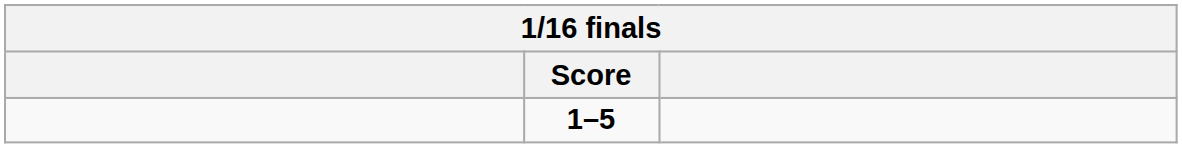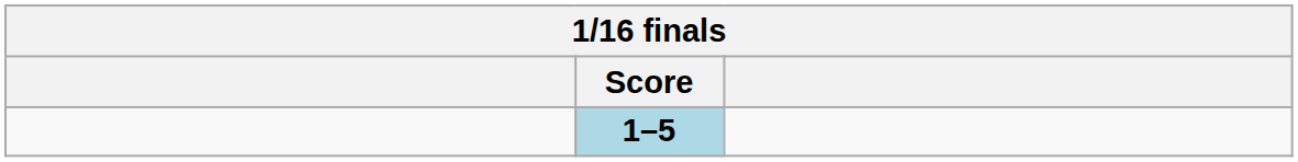 <table class="wikitable" style="text-align: center; font-size:90% ">
 <tr>
 <th colspan=3>1/16 finals</th>
 </tr>
 <tr>
 <th align="right" width="250"></th>
 <th width="60">Score</th>
 <th align="left" width="250"></th>
 </tr>
 <tr>
 <td align=left></td>
-<td align=center><strong>1–5</strong></td>
+<td align=center style="background: lightblue;"><strong>1–5</strong></td>
 <td align=left><strong></strong></td>
 </tr>
 </table>
